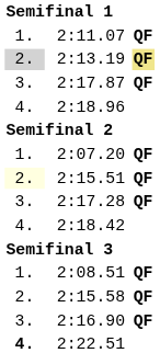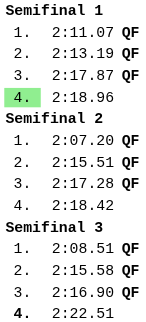 <table style="text-align:center">
 <tr>
 <td colspan=4 align=left><strong>Semifinal 1</strong></td>
 </tr>
 <tr>
 <td width=30>1.</td>
 <td align=left></td>
 <td width=60>2:11.07</td>
 <td><strong>QF</strong></td>
 </tr>
 <tr>
-<td style="background: lightgrey;">2.</td>
+<td>2.</td>
 <td align=left></td>
 <td>2:13.19</td>
-<td style="background: khaki;"><strong>QF</strong></td>
+<td><strong>QF</strong></td>
 </tr>
 <tr>
 <td>3.</td>
 <td align=left></td>
 <td>2:17.87</td>
 <td><strong>QF</strong></td>
 </tr>
 <tr>
-<td>4.</td>
+<td style="background: lightgreen;">4.</td>
 <td align=left></td>
 <td>2:18.96</td>
 <td></td>
 </tr>
 <tr>
 <td colspan=4 align=left><strong>Semifinal 2</strong></td>
 </tr>
 <tr>
 <td width=30>1.</td>
 <td align=left></td>
 <td width=60>2:07.20</td>
 <td><strong>QF</strong></td>
 </tr>
 <tr>
-<td style="background: lightyellow;">2.</td>
+<td>2.</td>
 <td align=left></td>
 <td>2:15.51</td>
 <td><strong>QF</strong></td>
 </tr>
 <tr>
 <td>3.</td>
 <td align=left></td>
 <td>2:17.28</td>
 <td><strong>QF</strong></td>
 </tr>
 <tr>
 <td>4.</td>
 <td align=left></td>
 <td>2:18.42</td>
 <td></td>
 </tr>
 <tr>
 <td colspan=4 align=left><strong>Semifinal 3</strong></td>
 </tr>
 <tr>
 <td width=30>1.</td>
 <td align=left></td>
 <td width=60>2:08.51</td>
 <td><strong>QF</strong></td>
 </tr>
 <tr>
 <td>2.</td>
 <td align=left></td>
 <td>2:15.58</td>
 <td><strong>QF</strong></td>
 </tr>
 <tr>
 <td>3.</td>
 <td align=left></td>
 <td>2:16.90</td>
 <td><strong>QF</strong></td>
 </tr>
 <tr>
 <td><strong>4.</strong></td>
 <td align=left></td>
 <td>2:22.51</td>
 <td></td>
 </tr>
 <tr>
 </tr>
 </table>
